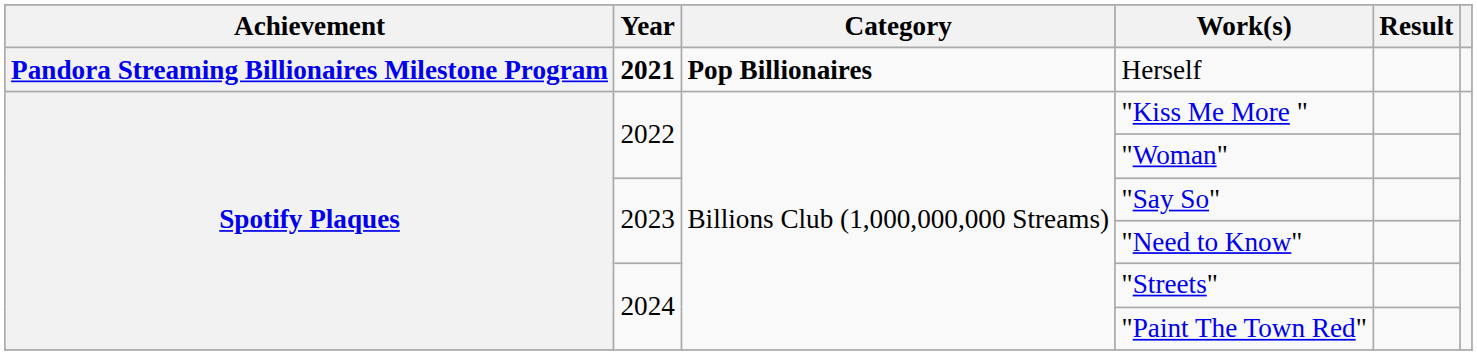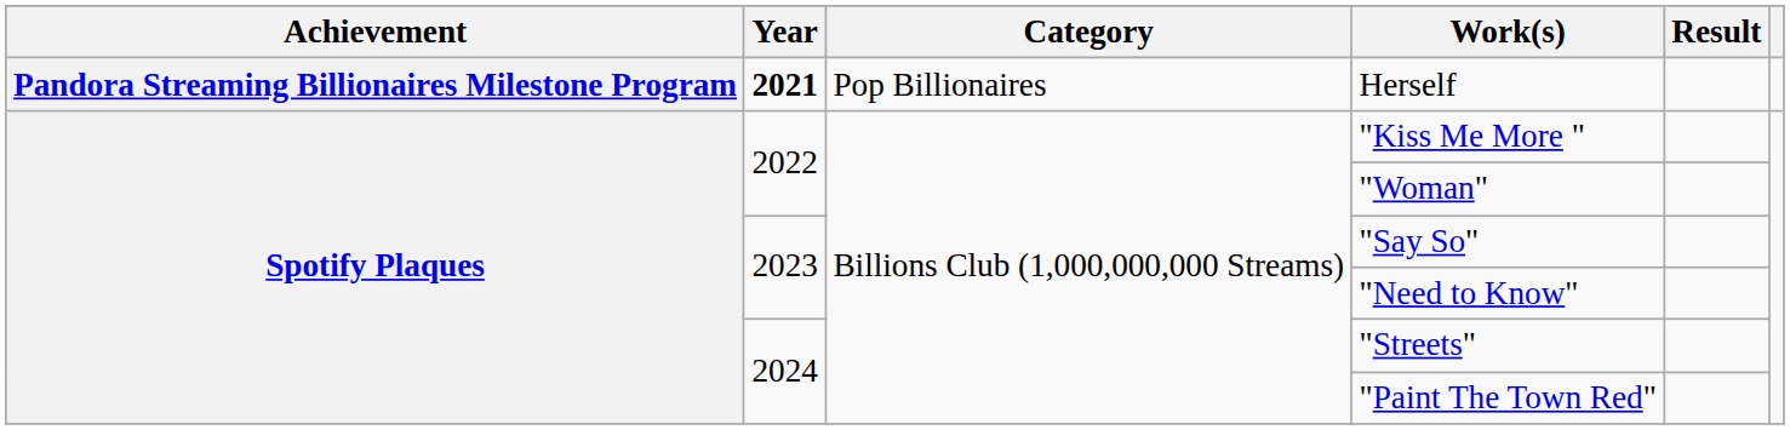 <table class="wikitable sortable plainrowheaders">
 <tr style="background:#ccc; text-align:center;">
 <th scope="col">Achievement</th>
 <th scope="col">Year</th>
 <th scope="col">Category</th>
 <th scope="col">Work(s)</th>
 <th scope="col">Result</th>
 <th scope="col" class="unsortable"></th>
 </tr>
 <tr>
 <th scope="row"><a href='#'>Pandora Streaming Billionaires Milestone Program</a></th>
 <td><strong>2021</strong></td>
-<td><strong>Pop Billionaires</strong></td>
+<td>Pop Billionaires</td>
 <td>Herself</td>
 <td></td>
 <td style="text-align:center;"></td>
 </tr>
 <tr>
 <th rowspan="6" scope="row"><a href='#'>Spotify Plaques</a></th>
 <td rowspan="2">2022</td>
 <td rowspan="6">Billions Club (1,000,000,000 Streams)</td>
 <td>"<a href='#'>Kiss Me More</a> "</td>
 <td></td>
 <td rowspan="6" style="text-align:center;"></td>
 </tr>
 <tr>
 <td>"<a href='#'>Woman</a>"</td>
 <td></td>
 </tr>
 <tr>
 <td rowspan="2">2023</td>
 <td>"<a href='#'>Say So</a>"</td>
 <td></td>
 </tr>
 <tr>
 <td>"<a href='#'>Need to Know</a>"</td>
 <td></td>
 </tr>
 <tr>
 <td rowspan="2">2024</td>
 <td>"<a href='#'>Streets</a>"</td>
 <td></td>
 </tr>
 <tr>
 <td>"<a href='#'>Paint The Town Red</a>"</td>
 <td></td>
 </tr>
 </table>
